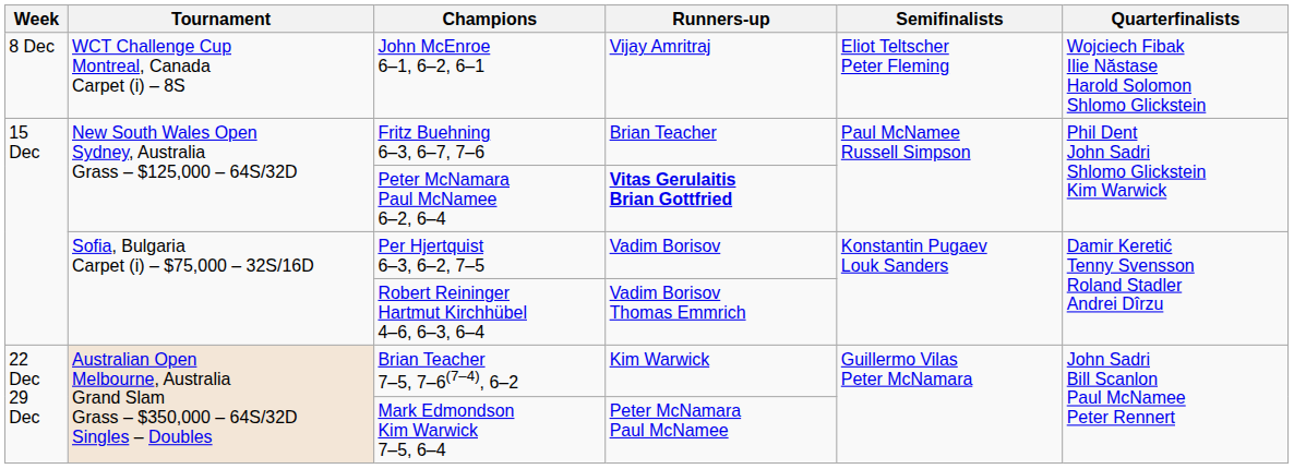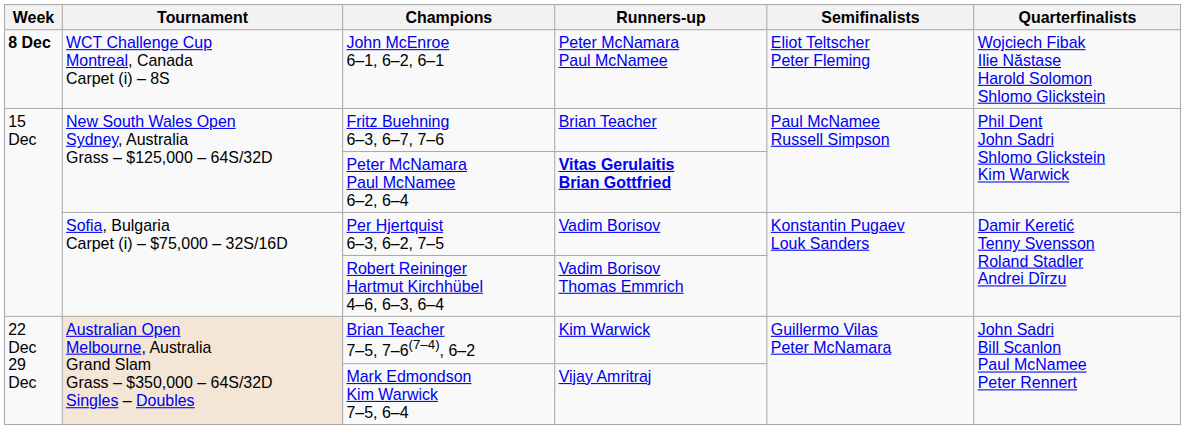 <table class=wikitable style=font-size:95%>
 <tr>
 <th style="width:48px;">Week</th>
 <th style="width:260px;">Tournament</th>
 <th style="width:195px;">Champions</th>
 <th style="width:195px;">Runners-up</th>
 <th style="width:190px;">Semifinalists</th>
 <th style="width:190px;">Quarterfinalists</th>
 </tr>
 <tr valign=top>
-<td rowspan=1>8 Dec</td>
+<td rowspan=1><strong>8 Dec</strong></td>
 <td><a href='#'>WCT Challenge Cup</a> <br> <a href='#'>Montreal</a>, Canada <br> Carpet (i) – 8S</td>
 <td> <a href='#'>John McEnroe</a> <br> 6–1, 6–2, 6–1</td>
-<td> <a href='#'>Vijay Amritraj</a></td>
+<td> <a href='#'>Peter McNamara</a> <br>  <a href='#'>Paul McNamee</a></td>
 <td> <a href='#'>Eliot Teltscher</a> <br>  <a href='#'>Peter Fleming</a></td>
 <td> <a href='#'>Wojciech Fibak</a> <br> <a href='#'>Ilie Năstase</a><br> <a href='#'>Harold Solomon</a> <br> <a href='#'>Shlomo Glickstein</a></td>
 </tr>
 <tr valign=top>
 <td rowspan=4>15 Dec</td>
 <td rowspan=2><a href='#'>New South Wales Open</a> <br> <a href='#'>Sydney</a>, Australia <br> Grass – $125,000 – 64S/32D</td>
 <td> <a href='#'>Fritz Buehning</a> <br> 6–3, 6–7, 7–6</td>
 <td> <a href='#'>Brian Teacher</a></td>
 <td rowspan=2> <a href='#'>Paul McNamee</a> <br>  <a href='#'>Russell Simpson</a></td>
 <td rowspan=2> <a href='#'>Phil Dent</a> <br>  <a href='#'>John Sadri</a> <br>  <a href='#'>Shlomo Glickstein</a> <br>  <a href='#'>Kim Warwick</a></td>
 </tr>
 <tr valign=top>
 <td> <a href='#'>Peter McNamara</a> <br>  <a href='#'>Paul McNamee</a> <br> 6–2, 6–4</td>
 <td><strong> <a href='#'>Vitas Gerulaitis</a> <br>  <a href='#'>Brian Gottfried</a></strong></td>
 </tr>
 <tr valign=top>
 <td rowspan=2><a href='#'>Sofia</a>, Bulgaria <br> Carpet (i) – $75,000 – 32S/16D</td>
 <td> <a href='#'>Per Hjertquist</a> <br> 6–3, 6–2, 7–5</td>
 <td> <a href='#'>Vadim Borisov</a></td>
 <td rowspan=2> <a href='#'>Konstantin Pugaev</a> <br>  <a href='#'>Louk Sanders</a></td>
 <td rowspan=2> <a href='#'>Damir Keretić</a> <br>  <a href='#'>Tenny Svensson</a> <br>  <a href='#'>Roland Stadler</a> <br>  <a href='#'>Andrei Dîrzu</a></td>
 </tr>
 <tr valign=top>
 <td> <a href='#'>Robert Reininger</a> <br>  <a href='#'>Hartmut Kirchhübel</a> <br> 4–6, 6–3, 6–4</td>
 <td> <a href='#'>Vadim Borisov</a> <br>  <a href='#'>Thomas Emmrich</a></td>
 </tr>
 <tr valign=top>
 <td rowspan=2>22 Dec<br>29 Dec</td>
 <td style="background:#f3e6d7;" rowspan=2><a href='#'>Australian Open</a> <br> <a href='#'>Melbourne</a>, Australia <br> Grand Slam <br> Grass – $350,000 – 64S/32D <br> <a href='#'>Singles</a> – <a href='#'>Doubles</a></td>
 <td> <a href='#'>Brian Teacher</a> <br> 7–5, 7–6<sup>(7–4)</sup>, 6–2</td>
 <td> <a href='#'>Kim Warwick</a></td>
 <td rowspan=2> <a href='#'>Guillermo Vilas</a> <br>  <a href='#'>Peter McNamara</a></td>
 <td rowspan=2> <a href='#'>John Sadri</a> <br>  <a href='#'>Bill Scanlon</a> <br>  <a href='#'>Paul McNamee</a> <br>  <a href='#'>Peter Rennert</a></td>
 </tr>
 <tr valign=top>
 <td> <a href='#'>Mark Edmondson</a> <br>  <a href='#'>Kim Warwick</a> <br> 7–5, 6–4</td>
-<td> <a href='#'>Peter McNamara</a> <br>  <a href='#'>Paul McNamee</a></td>
+<td> <a href='#'>Vijay Amritraj</a></td>
 </tr>
 </table>
